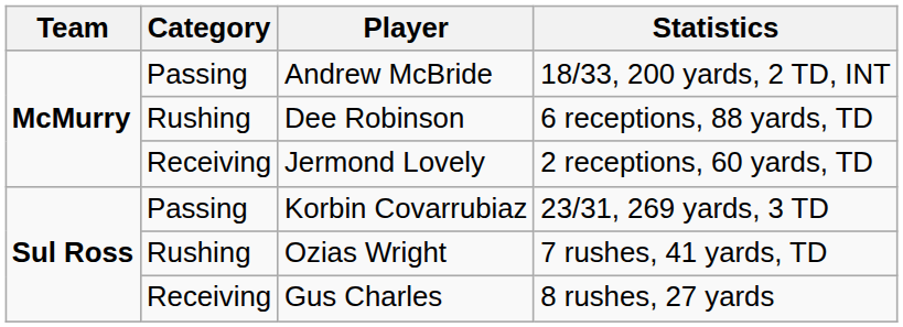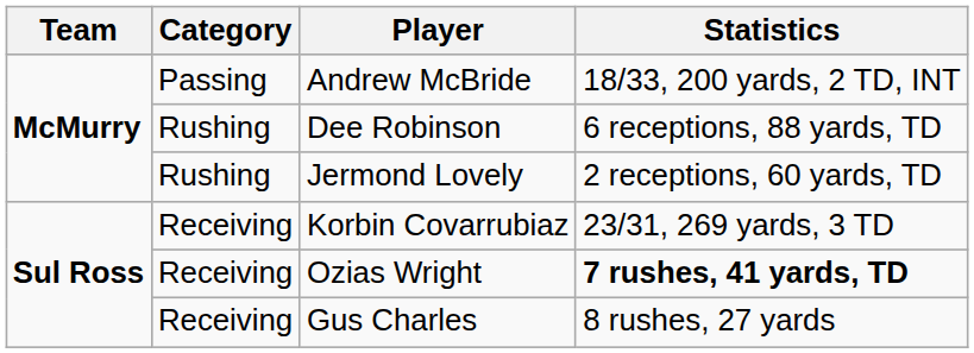 <table class="wikitable" style="float: right;">
 <tr>
 <th>Team</th>
 <th>Category</th>
 <th>Player</th>
 <th>Statistics</th>
 </tr>
 <tr>
 <td rowspan=3><strong>McMurry</strong></td>
 <td>Passing</td>
 <td>Andrew McBride</td>
 <td>18/33, 200 yards, 2 TD, INT</td>
 </tr>
 <tr>
 <td>Rushing</td>
 <td>Dee Robinson</td>
 <td>6 receptions, 88 yards, TD</td>
 </tr>
 <tr>
-<td>Receiving</td>
+<td>Rushing</td>
 <td>Jermond Lovely</td>
 <td>2 receptions, 60 yards, TD</td>
 </tr>
 <tr>
 <td rowspan=3><strong>Sul Ross</strong></td>
-<td>Passing</td>
+<td>Receiving</td>
 <td>Korbin Covarrubiaz</td>
 <td>23/31, 269 yards, 3 TD</td>
 </tr>
 <tr>
-<td>Rushing</td>
+<td>Receiving</td>
 <td>Ozias Wright</td>
-<td>7 rushes, 41 yards, TD</td>
+<td><strong>7 rushes, 41 yards, TD</strong></td>
 </tr>
 <tr>
 <td>Receiving</td>
 <td>Gus Charles</td>
 <td>8 rushes, 27 yards</td>
 </tr>
 </table>
